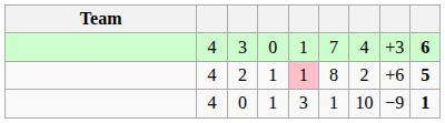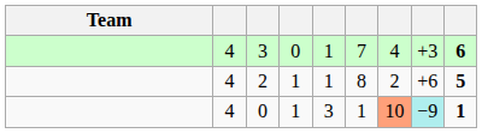 <table class="wikitable" style="text-align:center">
 <tr>
 <th width=165>Team</th>
 <th width=20></th>
 <th width=20></th>
 <th width=20></th>
 <th width=20></th>
 <th width=20></th>
 <th width=20></th>
 <th width=20></th>
 <th width=20></th>
 </tr>
 <tr align=center bgcolor=ccffcc>
 <td align=left></td>
 <td>4</td>
 <td>3</td>
 <td>0</td>
 <td>1</td>
 <td>7</td>
 <td>4</td>
 <td>+3</td>
 <td><strong>6</strong></td>
 </tr>
 <tr align=center>
 <td align=left></td>
 <td>4</td>
 <td>2</td>
 <td>1</td>
-<td style="background: pink;">1</td>
+<td>1</td>
 <td>8</td>
 <td>2</td>
 <td>+6</td>
 <td><strong>5</strong></td>
 </tr>
 <tr align=center>
 <td align=left></td>
 <td>4</td>
 <td>0</td>
 <td>1</td>
 <td>3</td>
 <td>1</td>
-<td>10</td>
-<td>−9</td>
+<td style="background: lightsalmon;">10</td>
+<td style="background: paleturquoise;">−9</td>
 <td><strong>1</strong></td>
 </tr>
 </table>
